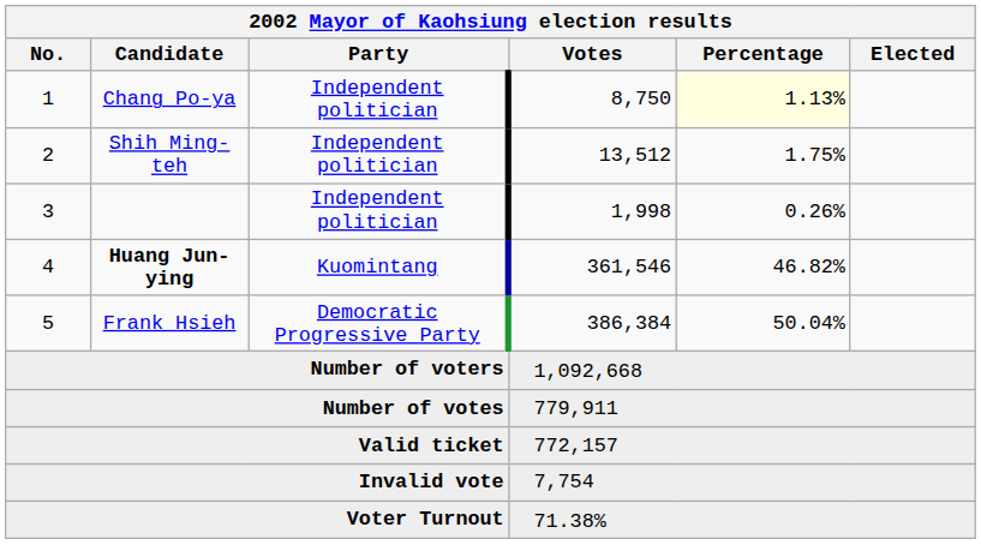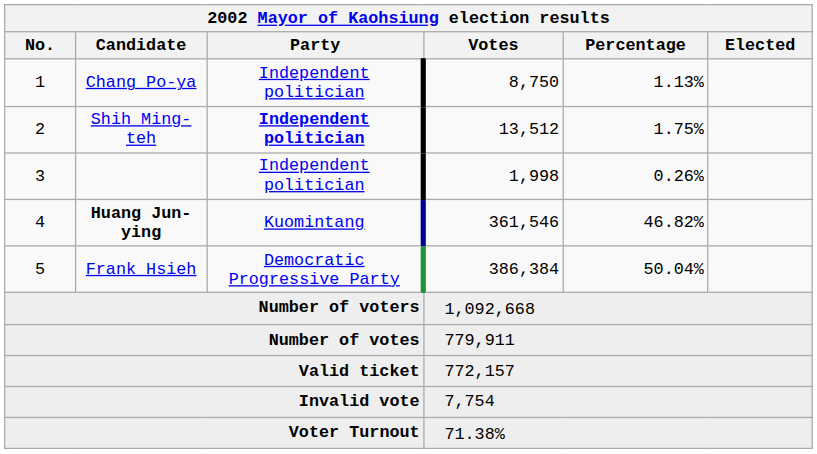 <table class="wikitable mw-collapsible collapsible" style="text-align:center">
 <tr>
 <th colspan="7" width="620px">2002 <a href='#'>Mayor of Kaohsiung</a> election results</th>
 </tr>
 <tr>
 <th width="35">No.</th>
 <th width="55">Candidate</th>
 <th width="120">Party</th>
 <th width="75">Votes</th>
 <th width="75">Percentage</th>
 <th width="49">Elected</th>
 </tr>
 <tr>
 <td>1</td>
 <td><a href='#'>Chang Po-ya</a></td>
 <td><a href='#'>Independent politician</a></td>
 <td style="border-left:4px solid #000000;" align="right">8,750</td>
-<td align="right" style="background: lightyellow;">1.13%</td>
+<td align="right">1.13%</td>
 <td align="center"></td>
 </tr>
 <tr>
 <td>2</td>
 <td><a href='#'>Shih Ming-teh</a></td>
-<td><a href='#'>Independent politician</a></td>
+<td><strong><a href='#'>Independent politician</a></strong></td>
 <td style="border-left:4px solid #000000;" align="right">13,512</td>
 <td align="right">1.75%</td>
 <td align="center"></td>
 </tr>
 <tr>
 <td>3</td>
 <td></td>
 <td><a href='#'>Independent politician</a></td>
 <td style="border-left:4px solid #000000;" align="right">1,998</td>
 <td align="right">0.26%</td>
 <td align="center"></td>
 </tr>
 <tr>
 <td>4</td>
 <td><strong>Huang Jun-ying</strong></td>
 <td><a href='#'>Kuomintang</a></td>
 <td style="border-left:4px solid #000099;" align="right">361,546</td>
 <td align="right">46.82%</td>
 <td align="center"></td>
 </tr>
 <tr>
 <td>5</td>
 <td><a href='#'>Frank Hsieh</a></td>
 <td><a href='#'>Democratic Progressive Party</a></td>
 <td style="border-left:4px solid #1B9431;" align="right">386,384</td>
 <td align="right">50.04%</td>
 <td align="center"></td>
 </tr>
 <tr bgcolor="EEEEEE">
 <td colspan="3" align="right"><strong>Number of voters</strong></td>
 <td colspan="3" align="left">　1,092,668</td>
 </tr>
 <tr bgcolor="EEEEEE">
 <td colspan="3" align="right"><strong>Number of votes</strong></td>
 <td colspan="3" align="left">　779,911</td>
 </tr>
 <tr bgcolor="EEEEEE">
 <td colspan="3" align="right"><strong>Valid ticket</strong></td>
 <td colspan="3" align="left">　772,157</td>
 </tr>
 <tr bgcolor="EEEEEE">
 <td colspan="3" align="right"><strong>Invalid vote</strong></td>
 <td colspan="3" align="left">　7,754</td>
 </tr>
 <tr bgcolor="EEEEEE">
 <td colspan="3" align="right"><strong>Voter Turnout</strong></td>
 <td colspan="3" align="left">　71.38%</td>
 </tr>
 </table>
